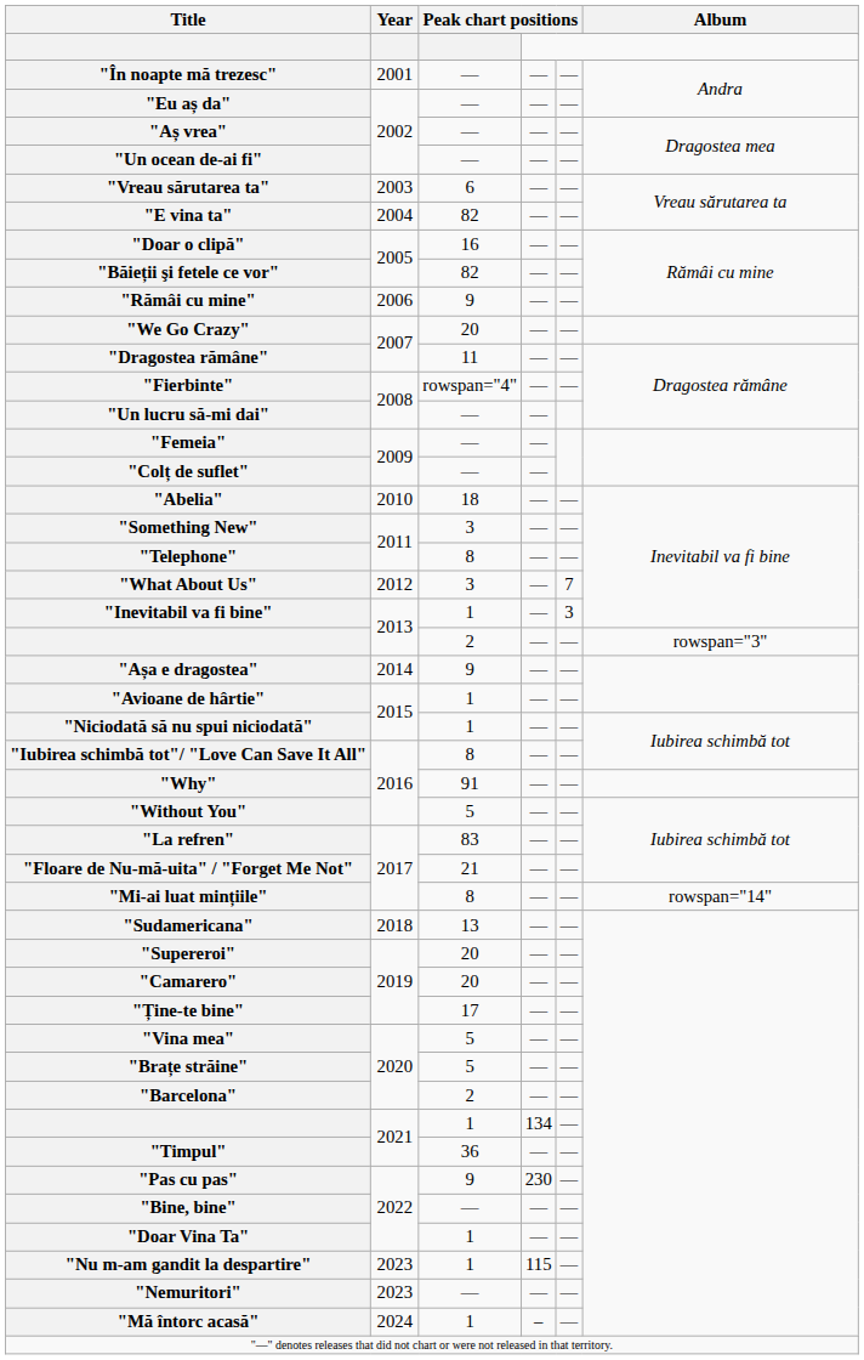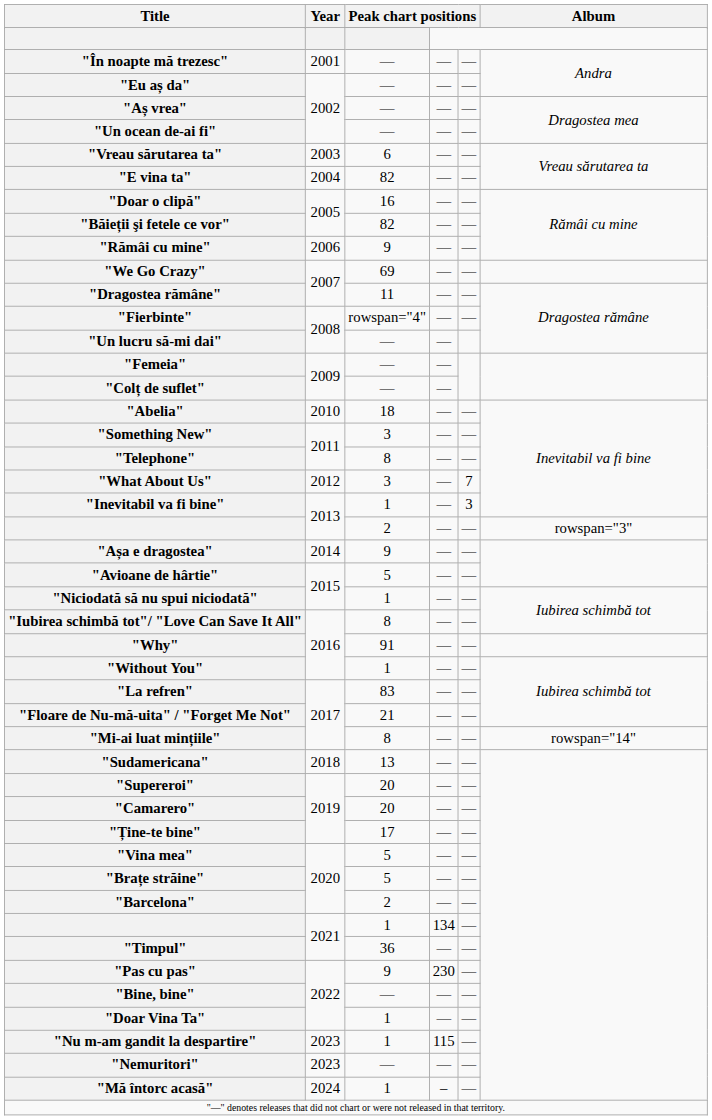 <table class="wikitable plainrowheaders" style="text-align:center;">
 <tr>
 <th scope="col" rowspan="2" style="width:20em;">Title</th>
 <th scope="col" rowspan="2" style="width:1em;">Year</th>
 <th colspan="3" scope="col">Peak chart positions</th>
 <th scope="col" rowspan="2" style="width:15em;">Album</th>
 </tr>
 <tr>
 </tr>
 <tr>
 <th scope="col" style="width:2.5em;font-size:90%;"><a href='#'></a><br></th>
 <th scope="col" style="width:2.5em;font-size:90%;"><a href='#'></a><br></th>
 <th scope="col" style="width:2.5em;font-size:90%;"><a href='#'></a><br></th>
 </tr>
 <tr>
 <th scope="row">"În noapte mă trezesc"</th>
 <td rowspan="1">2001</td>
 <td>—</td>
 <td>—</td>
 <td>—</td>
 <td rowspan="2"><em>Andra</em></td>
 </tr>
 <tr>
 <th scope="row">"Eu aș da"</th>
 <td rowspan="3">2002</td>
 <td>—</td>
 <td>—</td>
 <td>—</td>
 </tr>
 <tr>
 <th scope="row">"Aș vrea"</th>
 <td>—</td>
 <td>—</td>
 <td>—</td>
 <td rowspan="2"><em>Dragostea mea</em></td>
 </tr>
 <tr>
 <th scope="row">"Un ocean de-ai fi"</th>
 <td>—</td>
 <td>—</td>
 <td>—</td>
 </tr>
 <tr>
 <th scope="row">"Vreau sărutarea ta"<br></th>
 <td rowspan="1">2003</td>
 <td>6</td>
 <td>—</td>
 <td>—</td>
 <td rowspan="2"><em>Vreau sărutarea ta</em></td>
 </tr>
 <tr>
 <th scope="row">"E vina ta"</th>
 <td>2004</td>
 <td>82</td>
 <td>—</td>
 <td>—</td>
 </tr>
 <tr>
 <th scope="row">"Doar o clipă"</th>
 <td rowspan="2">2005</td>
 <td>16</td>
 <td>—</td>
 <td>—</td>
 <td rowspan="3"><em>Rămâi cu mine</em></td>
 </tr>
 <tr>
 <th scope="row">"Băieții şi fetele ce vor"</th>
 <td>82</td>
 <td>—</td>
 <td>—</td>
 </tr>
 <tr>
 <th scope="row">"Rămâi cu mine"</th>
 <td>2006</td>
 <td>9</td>
 <td>—</td>
 <td>—</td>
 </tr>
 <tr>
 <th scope="row">"We Go Crazy"</th>
 <td rowspan="2">2007</td>
-<td>20</td>
+<td>69</td>
 <td>—</td>
 <td>—</td>
 <td></td>
 </tr>
 <tr>
 <th scope="row">"Dragostea rămâne"</th>
 <td>11</td>
 <td>—</td>
 <td>—</td>
 <td rowspan="3"><em>Dragostea rămâne</em></td>
 </tr>
 <tr>
 <th scope="row">"Fierbinte"<br></th>
 <td rowspan="2">2008</td>
 <td>rowspan="4" </td>
 <td>—</td>
 <td>—</td>
 </tr>
 <tr>
 <th scope="row">"Un lucru să-mi dai"<br></th>
 <td>—</td>
 <td>—</td>
 </tr>
 <tr>
 <th scope="row">"Femeia"</th>
 <td rowspan="2">2009</td>
 <td>—</td>
 <td>—</td>
 <td rowspan="2"></td>
 </tr>
 <tr>
 <th scope="row">"Colț de suflet"<br></th>
 <td>—</td>
 <td>—</td>
 </tr>
 <tr>
 <th scope="row">"Abelia"</th>
 <td rowspan="1">2010</td>
 <td>18</td>
 <td>—</td>
 <td>—</td>
 <td rowspan="5"><em>Inevitabil va fi bine</em></td>
 </tr>
 <tr>
 <th scope="row">"Something New"</th>
 <td rowspan="2">2011</td>
 <td>3</td>
 <td>—</td>
 <td>—</td>
 </tr>
 <tr>
 <th scope="row">"Telephone"</th>
 <td>8</td>
 <td>—</td>
 <td>—</td>
 </tr>
 <tr>
 <th scope="row">"What About Us"</th>
 <td rowspan="1">2012</td>
 <td>3</td>
 <td>—</td>
 <td>7</td>
 </tr>
 <tr>
 <th scope="row">"Inevitabil va fi bine"</th>
 <td rowspan="2">2013</td>
 <td>1</td>
 <td>—</td>
 <td>3</td>
 </tr>
 <tr>
 <th scope="row"><br></th>
 <td>2</td>
 <td>—</td>
 <td>—</td>
 <td>rowspan="3" </td>
 </tr>
 <tr>
 <th scope="row">"Așa e dragostea"<br></th>
 <td rowspan="1">2014</td>
 <td>9</td>
 <td>—</td>
 <td>—</td>
 </tr>
 <tr>
 <th scope="row">"Avioane de hârtie"<br></th>
 <td rowspan="2">2015</td>
-<td>1</td>
+<td>5</td>
 <td>—</td>
 <td>—</td>
 </tr>
 <tr>
 <th scope="row">"Niciodată să nu spui niciodată"<br></th>
 <td>1</td>
 <td>—</td>
 <td>—</td>
 <td rowspan="2"><em>Iubirea schimbă tot</em></td>
 </tr>
 <tr>
 <th scope="row">"Iubirea schimbă tot"/ "Love Can Save It All"</th>
 <td rowspan="3">2016</td>
 <td>8</td>
 <td>—</td>
 <td>—</td>
 </tr>
 <tr>
 <th scope="row">"Why"</th>
 <td>91</td>
 <td>—</td>
 <td>—</td>
 <td></td>
 </tr>
 <tr>
 <th scope="row">"Without You"<br></th>
-<td>5</td>
+<td>1</td>
 <td>—</td>
 <td>—</td>
 <td rowspan="3"><em>Iubirea schimbă tot</em></td>
 </tr>
 <tr>
 <th scope="row">"La refren"</th>
 <td rowspan="3">2017</td>
 <td>83</td>
 <td>—</td>
 <td>—</td>
 </tr>
 <tr>
 <th scope="row">"Floare de Nu-mă-uita" / "Forget Me Not"<br></th>
 <td>21</td>
 <td>—</td>
 <td>—</td>
 </tr>
 <tr>
 <th scope="row">"Mi-ai luat mințiile"<br></th>
 <td>8</td>
 <td>—</td>
 <td>—</td>
 <td>rowspan="14" </td>
 </tr>
 <tr>
 <th scope="row">"Sudamericana"<br></th>
 <td>2018</td>
 <td>13</td>
 <td>—</td>
 <td>—</td>
 </tr>
 <tr>
 <th scope="row">"Supereroi"</th>
 <td rowspan="3">2019</td>
 <td>20</td>
 <td>—</td>
 <td>—</td>
 </tr>
 <tr>
 <th scope="row">"Camarero"<br></th>
 <td>20</td>
 <td>—</td>
 <td>—</td>
 </tr>
 <tr>
 <th scope="row">"Ține-te bine"<br></th>
 <td>17</td>
 <td>—</td>
 <td>—</td>
 </tr>
 <tr>
 <th scope="row">"Vina mea"</th>
 <td rowspan="3">2020</td>
 <td>5</td>
 <td>—</td>
 <td>—</td>
 </tr>
 <tr>
 <th scope="row">"Brațe străine"<br></th>
 <td>5</td>
 <td>—</td>
 <td>—</td>
 </tr>
 <tr>
 <th scope="row">"Barcelona"<br></th>
 <td>2</td>
 <td>—</td>
 <td>—</td>
 </tr>
 <tr>
 <th scope="row"><br></th>
 <td rowspan="2">2021</td>
 <td>1</td>
 <td>134</td>
 <td>—</td>
 </tr>
 <tr>
 <th scope="row">"Timpul"</th>
 <td>36</td>
 <td>—</td>
 <td>—</td>
 </tr>
 <tr>
 <th scope="row">"Pas cu pas"</th>
 <td rowspan="3">2022</td>
 <td>9</td>
 <td>230</td>
 <td>—</td>
 </tr>
 <tr>
 <th scope="row">"Bine, bine"</th>
 <td>—</td>
 <td>—</td>
 <td>—</td>
 </tr>
 <tr>
 <th scope="row">"Doar Vina Ta"<br></th>
 <td>1</td>
 <td>—</td>
 <td>—</td>
 </tr>
 <tr>
 <th scope="row">"Nu m-am gandit la despartire"<br></th>
 <td>2023</td>
 <td>1</td>
 <td>115</td>
 <td>—</td>
 </tr>
 <tr>
 <th scope="row">"Nemuritori"</th>
 <td>2023</td>
 <td>—</td>
 <td>—</td>
 <td>—</td>
 </tr>
 <tr>
 <th scope="row">"Mă întorc acasă"</th>
 <td>2024</td>
 <td>1</td>
 <td>–</td>
 <td>—</td>
 </tr>
 <tr>
 <td align="center" colspan="15" style="font-size:8pt">"—" denotes releases that did not chart or were not released in that territory.</td>
 </tr>
 </table>
